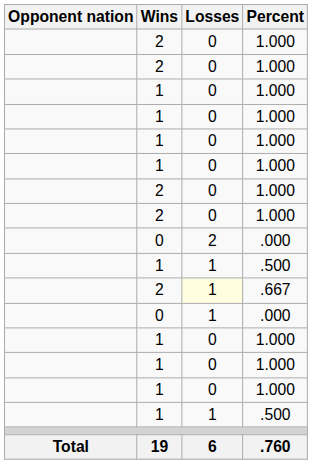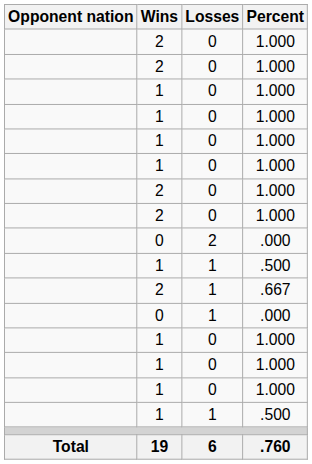 <table class=wikitable>
 <tr>
 <th>Opponent nation</th>
 <th>Wins</th>
 <th>Losses</th>
 <th>Percent</th>
 </tr>
 <tr align=center>
 <td align=left></td>
 <td>2</td>
 <td>0</td>
 <td>1.000</td>
 </tr>
 <tr align=center>
 <td align=left></td>
 <td>2</td>
 <td>0</td>
 <td>1.000</td>
 </tr>
 <tr align=center>
 <td align=left></td>
 <td>1</td>
 <td>0</td>
 <td>1.000</td>
 </tr>
 <tr align=center>
 <td align=left></td>
 <td>1</td>
 <td>0</td>
 <td>1.000</td>
 </tr>
 <tr align=center>
 <td align=left></td>
 <td>1</td>
 <td>0</td>
 <td>1.000</td>
 </tr>
 <tr align=center>
 <td align=left></td>
 <td>1</td>
 <td>0</td>
 <td>1.000</td>
 </tr>
 <tr align=center>
 <td align=left></td>
 <td>2</td>
 <td>0</td>
 <td>1.000</td>
 </tr>
 <tr align=center>
 <td align=left></td>
 <td>2</td>
 <td>0</td>
 <td>1.000</td>
 </tr>
 <tr align=center>
 <td align=left></td>
 <td>0</td>
 <td>2</td>
 <td>.000</td>
 </tr>
 <tr align=center>
 <td align=left></td>
 <td>1</td>
 <td>1</td>
 <td>.500</td>
 </tr>
 <tr align=center>
 <td align=left></td>
 <td>2</td>
-<td style="background: lightyellow;">1</td>
+<td>1</td>
 <td>.667</td>
 </tr>
 <tr align=center>
 <td align=left></td>
 <td>0</td>
 <td>1</td>
 <td>.000</td>
 </tr>
 <tr align=center>
 <td align=left></td>
 <td>1</td>
 <td>0</td>
 <td>1.000</td>
 </tr>
 <tr align=center>
 <td align=left></td>
 <td>1</td>
 <td>0</td>
 <td>1.000</td>
 </tr>
 <tr align=center>
 <td align=left></td>
 <td>1</td>
 <td>0</td>
 <td>1.000</td>
 </tr>
 <tr align=center>
 <td align=left></td>
 <td>1</td>
 <td>1</td>
 <td>.500</td>
 </tr>
 <tr>
 <td colspan=4 bgcolor=lightgray></td>
 </tr>
 <tr>
 <th>Total</th>
 <th>19</th>
 <th>6</th>
 <th>.760</th>
 </tr>
 </table>
